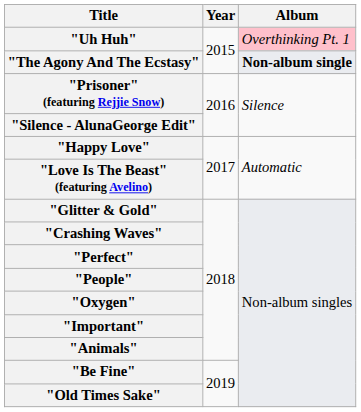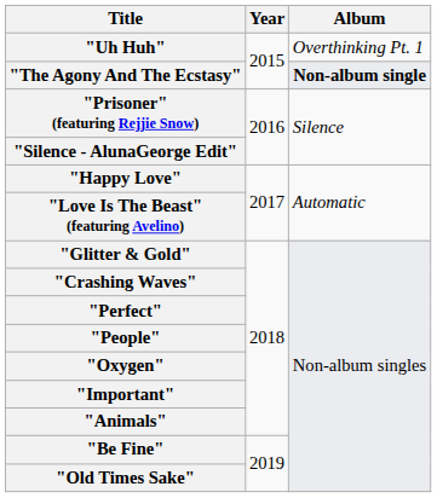 <table class="wikitable plainrowheaders">
 <tr>
 <th>Title</th>
 <th>Year</th>
 <th>Album</th>
 </tr>
 <tr>
 <th scope="row">"Uh Huh"</th>
 <td rowspan="2">2015</td>
-<td style="background: pink;"><em>Overthinking Pt. 1</em></td>
+<td><em>Overthinking Pt. 1</em></td>
 </tr>
 <tr>
 <th scope="row">"The Agony And The Ecstasy"</th>
 <td style="background: #EAECF0; text-align:center;"><strong>Non-album single</strong></td>
 </tr>
 <tr>
 <th scope="row">"Prisoner"<br><small>(featuring <a href='#'>Rejjie Snow</a>)</small></th>
 <td rowspan="2">2016</td>
 <td rowspan="2"><em>Silence</em></td>
 </tr>
 <tr>
 <th scope="row">"Silence - AlunaGeorge Edit"</th>
 </tr>
 <tr>
 <th scope="row">"Happy Love"</th>
 <td rowspan="2">2017</td>
 <td rowspan="2"><em>Automatic</em></td>
 </tr>
 <tr>
 <th scope="row">"Love Is The Beast"<br><small>(featuring <a href='#'>Avelino</a>)</small></th>
 </tr>
 <tr>
 <th scope="row">"Glitter & Gold"</th>
 <td rowspan="7">2018</td>
 <td rowspan="9" style="background: #EAECF0; text-align:center;">Non-album singles</td>
 </tr>
 <tr>
 <th scope="row">"Crashing Waves"</th>
 </tr>
 <tr>
 <th scope="row">"Perfect"</th>
 </tr>
 <tr>
 <th scope="row">"People"</th>
 </tr>
 <tr>
 <th scope="row">"Oxygen"</th>
 </tr>
 <tr>
 <th scope="row">"Important"</th>
 </tr>
 <tr>
 <th scope="row">"Animals"</th>
 </tr>
 <tr>
 <th scope="row">"Be Fine"</th>
 <td rowspan="2">2019</td>
 </tr>
 <tr>
 <th scope="row">"Old Times Sake"</th>
 </tr>
 </table>
